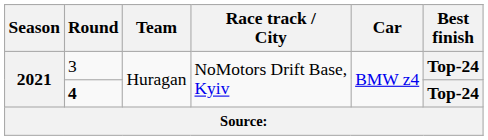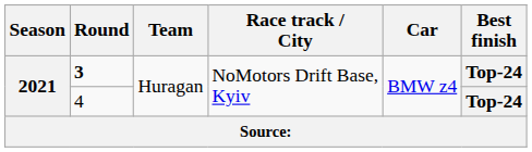 <table class="wikitable">
 <tr>
 <th>Season</th>
 <th>Round</th>
 <th>Team</th>
 <th>Race track /<br>City</th>
 <th>Car</th>
 <th>Best<br>finish</th>
 </tr>
 <tr>
 <th rowspan="2"><strong>2021</strong></th>
-<td>3</td>
+<td><strong>3</strong></td>
 <td rowspan="2">Huragan</td>
 <td rowspan="2">NoMotors Drift Base,<br><a href='#'>Kyiv</a></td>
 <td rowspan="2"><a href='#'>BMW z4</a></td>
 <th>Top-24</th>
 </tr>
 <tr>
-<td><strong>4</strong></td>
+<td>4</td>
 <th>Top-24</th>
 </tr>
 <tr>
 <th colspan="6"><small>Source:</small></th>
 </tr>
 </table>
